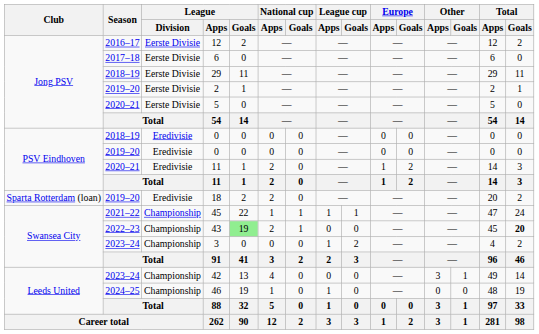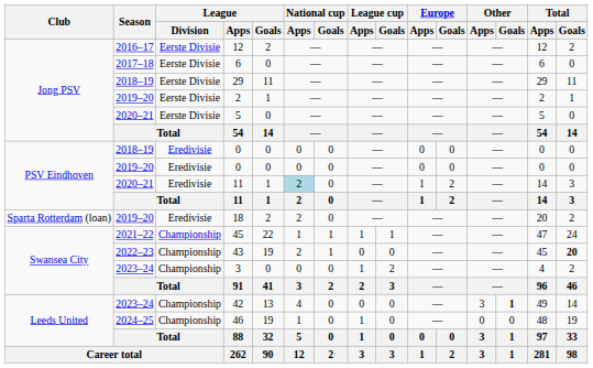 <table class="wikitable" style="text-align: center;">
 <tr>
 <th rowspan="2">Club</th>
 <th rowspan="2">Season</th>
 <th colspan="3">League</th>
 <th colspan="2">National cup</th>
 <th colspan="2">League cup</th>
 <th colspan="2"><a href='#'>Europe</a></th>
 <th colspan="2">Other</th>
 <th colspan="2">Total</th>
 </tr>
 <tr>
 <th>Division</th>
 <th>Apps</th>
 <th>Goals</th>
 <th>Apps</th>
 <th>Goals</th>
 <th>Apps</th>
 <th>Goals</th>
 <th>Apps</th>
 <th>Goals</th>
 <th>Apps</th>
 <th>Goals</th>
 <th>Apps</th>
 <th>Goals</th>
 </tr>
 <tr>
 <td rowspan="6"><a href='#'>Jong PSV</a></td>
 <td><a href='#'>2016–17</a></td>
 <td><a href='#'>Eerste Divisie</a></td>
 <td>12</td>
 <td>2</td>
 <td colspan="2">—</td>
 <td colspan="2">—</td>
 <td colspan="2">—</td>
 <td colspan="2">—</td>
 <td>12</td>
 <td>2</td>
 </tr>
 <tr>
 <td><a href='#'>2017–18</a></td>
 <td>Eerste Divisie</td>
 <td>6</td>
 <td>0</td>
 <td colspan="2">—</td>
 <td colspan="2">—</td>
 <td colspan="2">—</td>
 <td colspan="2">—</td>
 <td>6</td>
 <td>0</td>
 </tr>
 <tr>
 <td><a href='#'>2018–19</a></td>
 <td>Eerste Divisie</td>
 <td>29</td>
 <td>11</td>
 <td colspan="2">—</td>
 <td colspan="2">—</td>
 <td colspan="2">—</td>
 <td colspan="2">—</td>
 <td>29</td>
 <td>11</td>
 </tr>
 <tr>
 <td><a href='#'>2019–20</a></td>
 <td>Eerste Divisie</td>
 <td>2</td>
 <td>1</td>
 <td colspan="2">—</td>
 <td colspan="2">—</td>
 <td colspan="2">—</td>
 <td colspan="2">—</td>
 <td>2</td>
 <td>1</td>
 </tr>
 <tr>
 <td><a href='#'>2020–21</a></td>
 <td>Eerste Divisie</td>
 <td>5</td>
 <td>0</td>
 <td colspan="2">—</td>
 <td colspan="2">—</td>
 <td colspan="2">—</td>
 <td colspan="2">—</td>
 <td>5</td>
 <td>0</td>
 </tr>
 <tr>
 <th colspan="2">Total</th>
 <th>54</th>
 <th>14</th>
 <th colspan="2">—</th>
 <th colspan="2">—</th>
 <th colspan="2">—</th>
 <th colspan="2">—</th>
 <th>54</th>
 <th>14</th>
 </tr>
 <tr>
 <td rowspan="4"><a href='#'>PSV Eindhoven</a></td>
 <td><a href='#'>2018–19</a></td>
 <td><a href='#'>Eredivisie</a></td>
 <td>0</td>
 <td>0</td>
 <td>0</td>
 <td>0</td>
 <td colspan="2">—</td>
 <td>0</td>
 <td>0</td>
 <td colspan="2">—</td>
 <td>0</td>
 <td>0</td>
 </tr>
 <tr>
 <td><a href='#'>2019–20</a></td>
 <td>Eredivisie</td>
 <td>0</td>
 <td>0</td>
 <td>0</td>
 <td>0</td>
 <td colspan="2">—</td>
 <td>0</td>
 <td>0</td>
 <td colspan="2">—</td>
 <td>0</td>
 <td>0</td>
 </tr>
 <tr>
 <td><a href='#'>2020–21</a></td>
 <td>Eredivisie</td>
 <td>11</td>
 <td>1</td>
-<td>2</td>
+<td style="background: lightblue;">2</td>
 <td>0</td>
 <td colspan="2">—</td>
 <td>1</td>
 <td>2</td>
 <td colspan="2">—</td>
 <td>14</td>
 <td>3</td>
 </tr>
 <tr>
 <th colspan="2">Total</th>
 <th>11</th>
 <th>1</th>
 <th>2</th>
 <th>0</th>
 <th colspan="2">—</th>
 <th>1</th>
 <th>2</th>
 <th colspan="2">—</th>
 <th>14</th>
 <th>3</th>
 </tr>
 <tr>
 <td><a href='#'>Sparta Rotterdam</a> (loan)</td>
 <td><a href='#'>2019–20</a></td>
 <td>Eredivisie</td>
 <td>18</td>
 <td>2</td>
 <td>2</td>
 <td>0</td>
 <td colspan="2">—</td>
 <td colspan="2">—</td>
 <td colspan="2">—</td>
 <td>20</td>
 <td>2</td>
 </tr>
 <tr>
 <td rowspan="4"><a href='#'>Swansea City</a></td>
 <td><a href='#'>2021–22</a></td>
 <td><a href='#'>Championship</a></td>
 <td>45</td>
 <td>22</td>
 <td>1</td>
 <td>1</td>
 <td>1</td>
 <td>1</td>
 <td colspan="2">—</td>
 <td colspan="2">—</td>
 <td>47</td>
 <td>24</td>
 </tr>
 <tr>
 <td><a href='#'>2022–23</a></td>
 <td>Championship</td>
 <td>43</td>
-<td style="background: lightgreen;">19</td>
+<td>19</td>
 <td>2</td>
 <td>1</td>
 <td>0</td>
 <td>0</td>
 <td colspan="2">—</td>
 <td colspan="2">—</td>
 <td>45</td>
 <td><strong>20</strong></td>
 </tr>
 <tr>
 <td><a href='#'>2023–24</a></td>
 <td>Championship</td>
 <td>3</td>
 <td>0</td>
 <td>0</td>
 <td>0</td>
 <td>1</td>
 <td>2</td>
 <td colspan="2">—</td>
 <td colspan="2">—</td>
 <td>4</td>
 <td>2</td>
 </tr>
 <tr>
 <th colspan="2">Total</th>
 <th>91</th>
 <th>41</th>
 <th>3</th>
 <th>2</th>
 <th>2</th>
 <th>3</th>
 <th colspan="2">—</th>
 <th colspan="2">—</th>
 <th>96</th>
 <th>46</th>
 </tr>
 <tr>
 <td rowspan="3"><a href='#'>Leeds United</a></td>
 <td><a href='#'>2023–24</a></td>
 <td>Championship</td>
 <td>42</td>
 <td>13</td>
 <td>4</td>
 <td>0</td>
 <td>0</td>
 <td>0</td>
 <td colspan="2">—</td>
 <td>3</td>
-<td>1</td>
+<td><strong>1</strong></td>
 <td>49</td>
 <td>14</td>
 </tr>
 <tr>
 <td><a href='#'>2024–25</a></td>
 <td>Championship</td>
 <td>46</td>
 <td>19</td>
 <td>1</td>
 <td>0</td>
 <td>1</td>
 <td>0</td>
 <td colspan="2">—</td>
 <td>0</td>
 <td>0</td>
 <td>48</td>
 <td>19</td>
 </tr>
 <tr>
 <th colspan="2">Total</th>
 <th>88</th>
 <th>32</th>
 <th>5</th>
 <th>0</th>
 <th>1</th>
 <th>0</th>
 <th>0</th>
 <th>0</th>
 <th>3</th>
 <th>1</th>
 <th>97</th>
 <th>33</th>
 </tr>
 <tr>
 <th colspan="3">Career total</th>
 <th>262</th>
 <th>90</th>
 <th>12</th>
 <th>2</th>
 <th>3</th>
 <th>3</th>
 <th>1</th>
 <th>2</th>
 <th>3</th>
 <th>1</th>
 <th>281</th>
 <th>98</th>
 </tr>
 </table>
